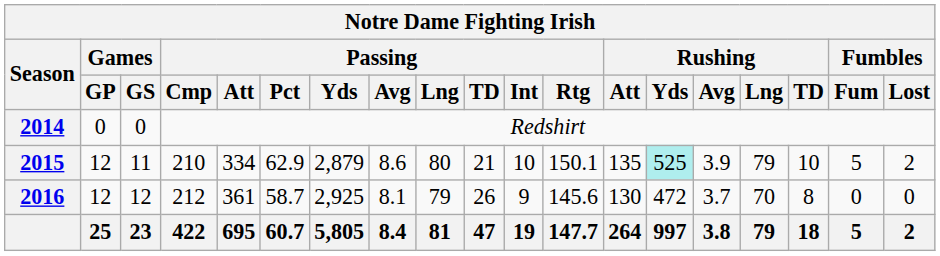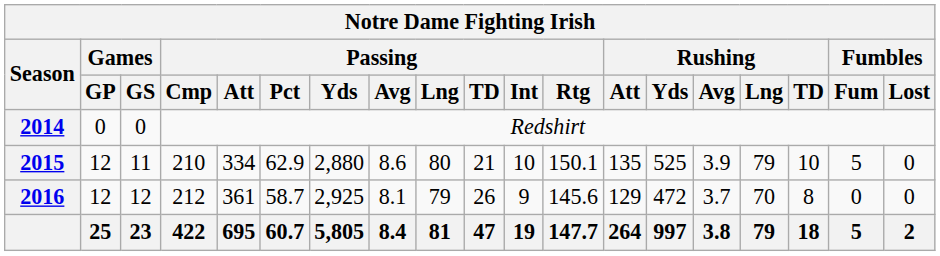 <table class=wikitable style="text-align:center;">
 <tr>
 <th colspan="19">Notre Dame Fighting Irish</th>
 </tr>
 <tr>
 <th rowspan="2">Season</th>
 <th colspan="2">Games</th>
 <th colspan="9">Passing</th>
 <th colspan="5">Rushing</th>
 <th colspan="2">Fumbles</th>
 </tr>
 <tr>
 <th>GP</th>
 <th>GS</th>
 <th>Cmp</th>
 <th>Att</th>
 <th>Pct</th>
 <th>Yds</th>
 <th>Avg</th>
 <th>Lng</th>
 <th>TD</th>
 <th>Int</th>
 <th>Rtg</th>
 <th>Att</th>
 <th>Yds</th>
 <th>Avg</th>
 <th>Lng</th>
 <th>TD</th>
 <th>Fum</th>
 <th>Lost</th>
 </tr>
 <tr>
 <th><a href='#'>2014</a></th>
 <td>0</td>
 <td>0</td>
 <td colspan="16"><em>Redshirt</em></td>
 </tr>
 <tr>
 <th><a href='#'>2015</a></th>
 <td>12</td>
 <td>11</td>
 <td>210</td>
 <td>334</td>
 <td>62.9</td>
-<td>2,879</td>
+<td>2,880</td>
 <td>8.6</td>
 <td>80</td>
 <td>21</td>
 <td>10</td>
 <td>150.1</td>
 <td>135</td>
-<td style="background: paleturquoise;">525</td>
+<td>525</td>
 <td>3.9</td>
 <td>79</td>
 <td>10</td>
 <td>5</td>
-<td>2</td>
+<td>0</td>
 </tr>
 <tr>
 <th><a href='#'>2016</a></th>
 <td>12</td>
 <td>12</td>
 <td>212</td>
 <td>361</td>
 <td>58.7</td>
 <td>2,925</td>
 <td>8.1</td>
 <td>79</td>
 <td>26</td>
 <td>9</td>
 <td>145.6</td>
-<td>130</td>
+<td>129</td>
 <td>472</td>
 <td>3.7</td>
 <td>70</td>
 <td>8</td>
 <td>0</td>
 <td>0</td>
 </tr>
 <tr>
 <th></th>
 <th>25</th>
 <th>23</th>
 <th>422</th>
 <th>695</th>
 <th>60.7</th>
 <th>5,805</th>
 <th>8.4</th>
 <th>81</th>
 <th>47</th>
 <th>19</th>
 <th>147.7</th>
 <th>264</th>
 <th>997</th>
 <th>3.8</th>
 <th>79</th>
 <th>18</th>
 <th>5</th>
 <th>2</th>
 </tr>
 </table>
